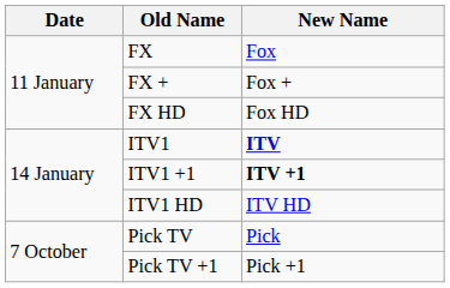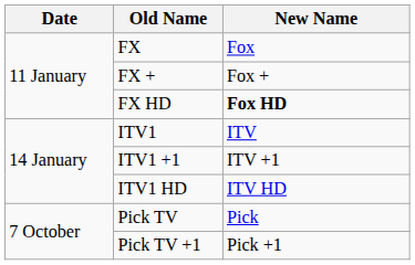 <table class="wikitable">
 <tr>
 <th width=90>Date</th>
 <th width=90>Old Name</th>
 <th width=160>New Name</th>
 </tr>
 <tr>
 <td rowspan=3>11 January</td>
 <td>FX</td>
 <td><a href='#'>Fox</a></td>
 </tr>
 <tr>
 <td>FX +</td>
 <td>Fox +</td>
 </tr>
 <tr>
 <td>FX HD</td>
-<td>Fox HD</td>
+<td><strong>Fox HD</strong></td>
 </tr>
 <tr>
 <td rowspan=3>14 January</td>
 <td>ITV1</td>
-<td><strong><a href='#'>ITV</a></strong></td>
+<td><a href='#'>ITV</a></td>
 </tr>
 <tr>
 <td>ITV1 +1</td>
-<td><strong>ITV +1</strong></td>
+<td>ITV +1</td>
 </tr>
 <tr>
 <td>ITV1 HD</td>
 <td><a href='#'>ITV HD</a></td>
 </tr>
 <tr>
 <td rowspan=2>7 October</td>
 <td>Pick TV</td>
 <td><a href='#'>Pick</a></td>
 </tr>
 <tr>
 <td>Pick TV +1</td>
 <td>Pick +1</td>
 </tr>
 </table>
